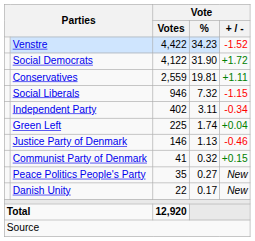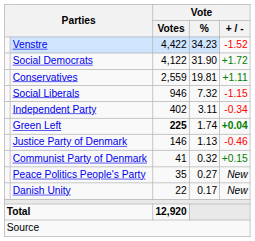 <table class="wikitable" style="text-align:right;">
 <tr>
 <th style="text-align:centre;" rowspan="2" colspan="2" width="225">Parties</th>
 <th colspan="3">Vote</th>
 </tr>
 <tr>
 <th width="15">Votes</th>
 <th width="15">%</th>
 <th width="15">+ / -</th>
 </tr>
 <tr>
 <td width="2" style="color:inherit;background:"></td>
 <td bgcolor=#cfe5fe  align="left"><a href='#'>Venstre</a></td>
 <td bgcolor=#cfe5fe>4,422</td>
 <td bgcolor=#cfe5fe>34.23</td>
 <td style=color:red;>-1.52</td>
 </tr>
 <tr>
 <td width="2" style="color:inherit;background:"></td>
 <td align="left"><a href='#'>Social Democrats</a></td>
 <td>4,122</td>
 <td>31.90</td>
 <td style=color:green;>+1.72</td>
 </tr>
 <tr>
 <td width="2" style="color:inherit;background:"></td>
 <td align="left"><a href='#'>Conservatives</a></td>
 <td>2,559</td>
 <td>19.81</td>
 <td style=color:green;>+1.11</td>
 </tr>
 <tr>
 <td width="2" style="color:inherit;background:"></td>
 <td align="left"><a href='#'>Social Liberals</a></td>
 <td>946</td>
 <td>7.32</td>
 <td style=color:red;>-1.15</td>
 </tr>
 <tr>
 <td width="2" style="color:inherit;background:"></td>
 <td align="left"><a href='#'>Independent Party</a></td>
 <td>402</td>
 <td>3.11</td>
 <td style=color:red;>-0.34</td>
 </tr>
 <tr>
 <td width="2" style="color:inherit;background:"></td>
 <td align="left"><a href='#'>Green Left</a></td>
-<td>225</td>
+<td><strong>225</strong></td>
 <td>1.74</td>
-<td style=color:green;>+0.04</td>
+<td style=color:green;><strong>+0.04</strong></td>
 </tr>
 <tr>
 <td width="2" style="color:inherit;background:"></td>
 <td align="left"><a href='#'>Justice Party of Denmark</a></td>
 <td>146</td>
 <td>1.13</td>
 <td style=color:red;>-0.46</td>
 </tr>
 <tr>
 <td width="2" style="color:inherit;background:"></td>
 <td align="left"><a href='#'>Communist Party of Denmark</a></td>
 <td>41</td>
 <td>0.32</td>
 <td style=color:green;>+0.15</td>
 </tr>
 <tr>
 <td width="2" style="color:inherit;background:"></td>
 <td align="left"><a href='#'>Peace Politics People's Party</a></td>
 <td>35</td>
 <td>0.27</td>
 <td><em>New</em></td>
 </tr>
 <tr>
 <td width="2" style="color:inherit;background:"></td>
 <td align="left"><a href='#'>Danish Unity</a></td>
 <td>22</td>
 <td>0.17</td>
 <td><em>New</em></td>
 </tr>
 <tr>
 <td colspan="7" bgcolor="#E9E9E9"></td>
 </tr>
 <tr>
 <td align="left" colspan="2"><strong>Total</strong></td>
 <td><strong>12,920</strong></td>
 <td bgcolor="#E9E9E9" colspan="2"></td>
 </tr>
 <tr>
 <td align="left" colspan="6">Source</td>
 </tr>
 </table>
